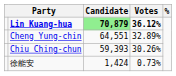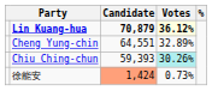 <table class="wikitable">
 <tr>
 <th colspan="2">Party</th>
 <th>Candidate</th>
 <th>Votes</th>
 <th>%</th>
 </tr>
 <tr>
 <td></td>
 <td><strong><a href='#'>Lin Kuang-hua</a></strong></td>
-<td align="right" style="background: lightgreen;"><strong>70,879</strong></td>
-<td align="right"><strong>36.12%</strong></td>
+<td align="right"><strong>70,879</strong></td>
+<td align="right" style="background: lightyellow;"><strong>36.12%</strong></td>
 </tr>
 <tr>
 <td></td>
 <td><a href='#'>Cheng Yung-chin</a></td>
 <td align="right">64,551</td>
 <td align="right">32.89%</td>
 </tr>
 <tr>
 <td></td>
 <td><a href='#'>Chiu Ching-chun</a></td>
 <td align="right">59,393</td>
-<td align="right">30.26%</td>
+<td align="right" style="background: paleturquoise;">30.26%</td>
 </tr>
 <tr>
 <td></td>
 <td>徐能安</td>
-<td align="right">1,424</td>
+<td align="right" style="background: lightsalmon;">1,424</td>
 <td align="right">0.73%</td>
 </tr>
 </table>
